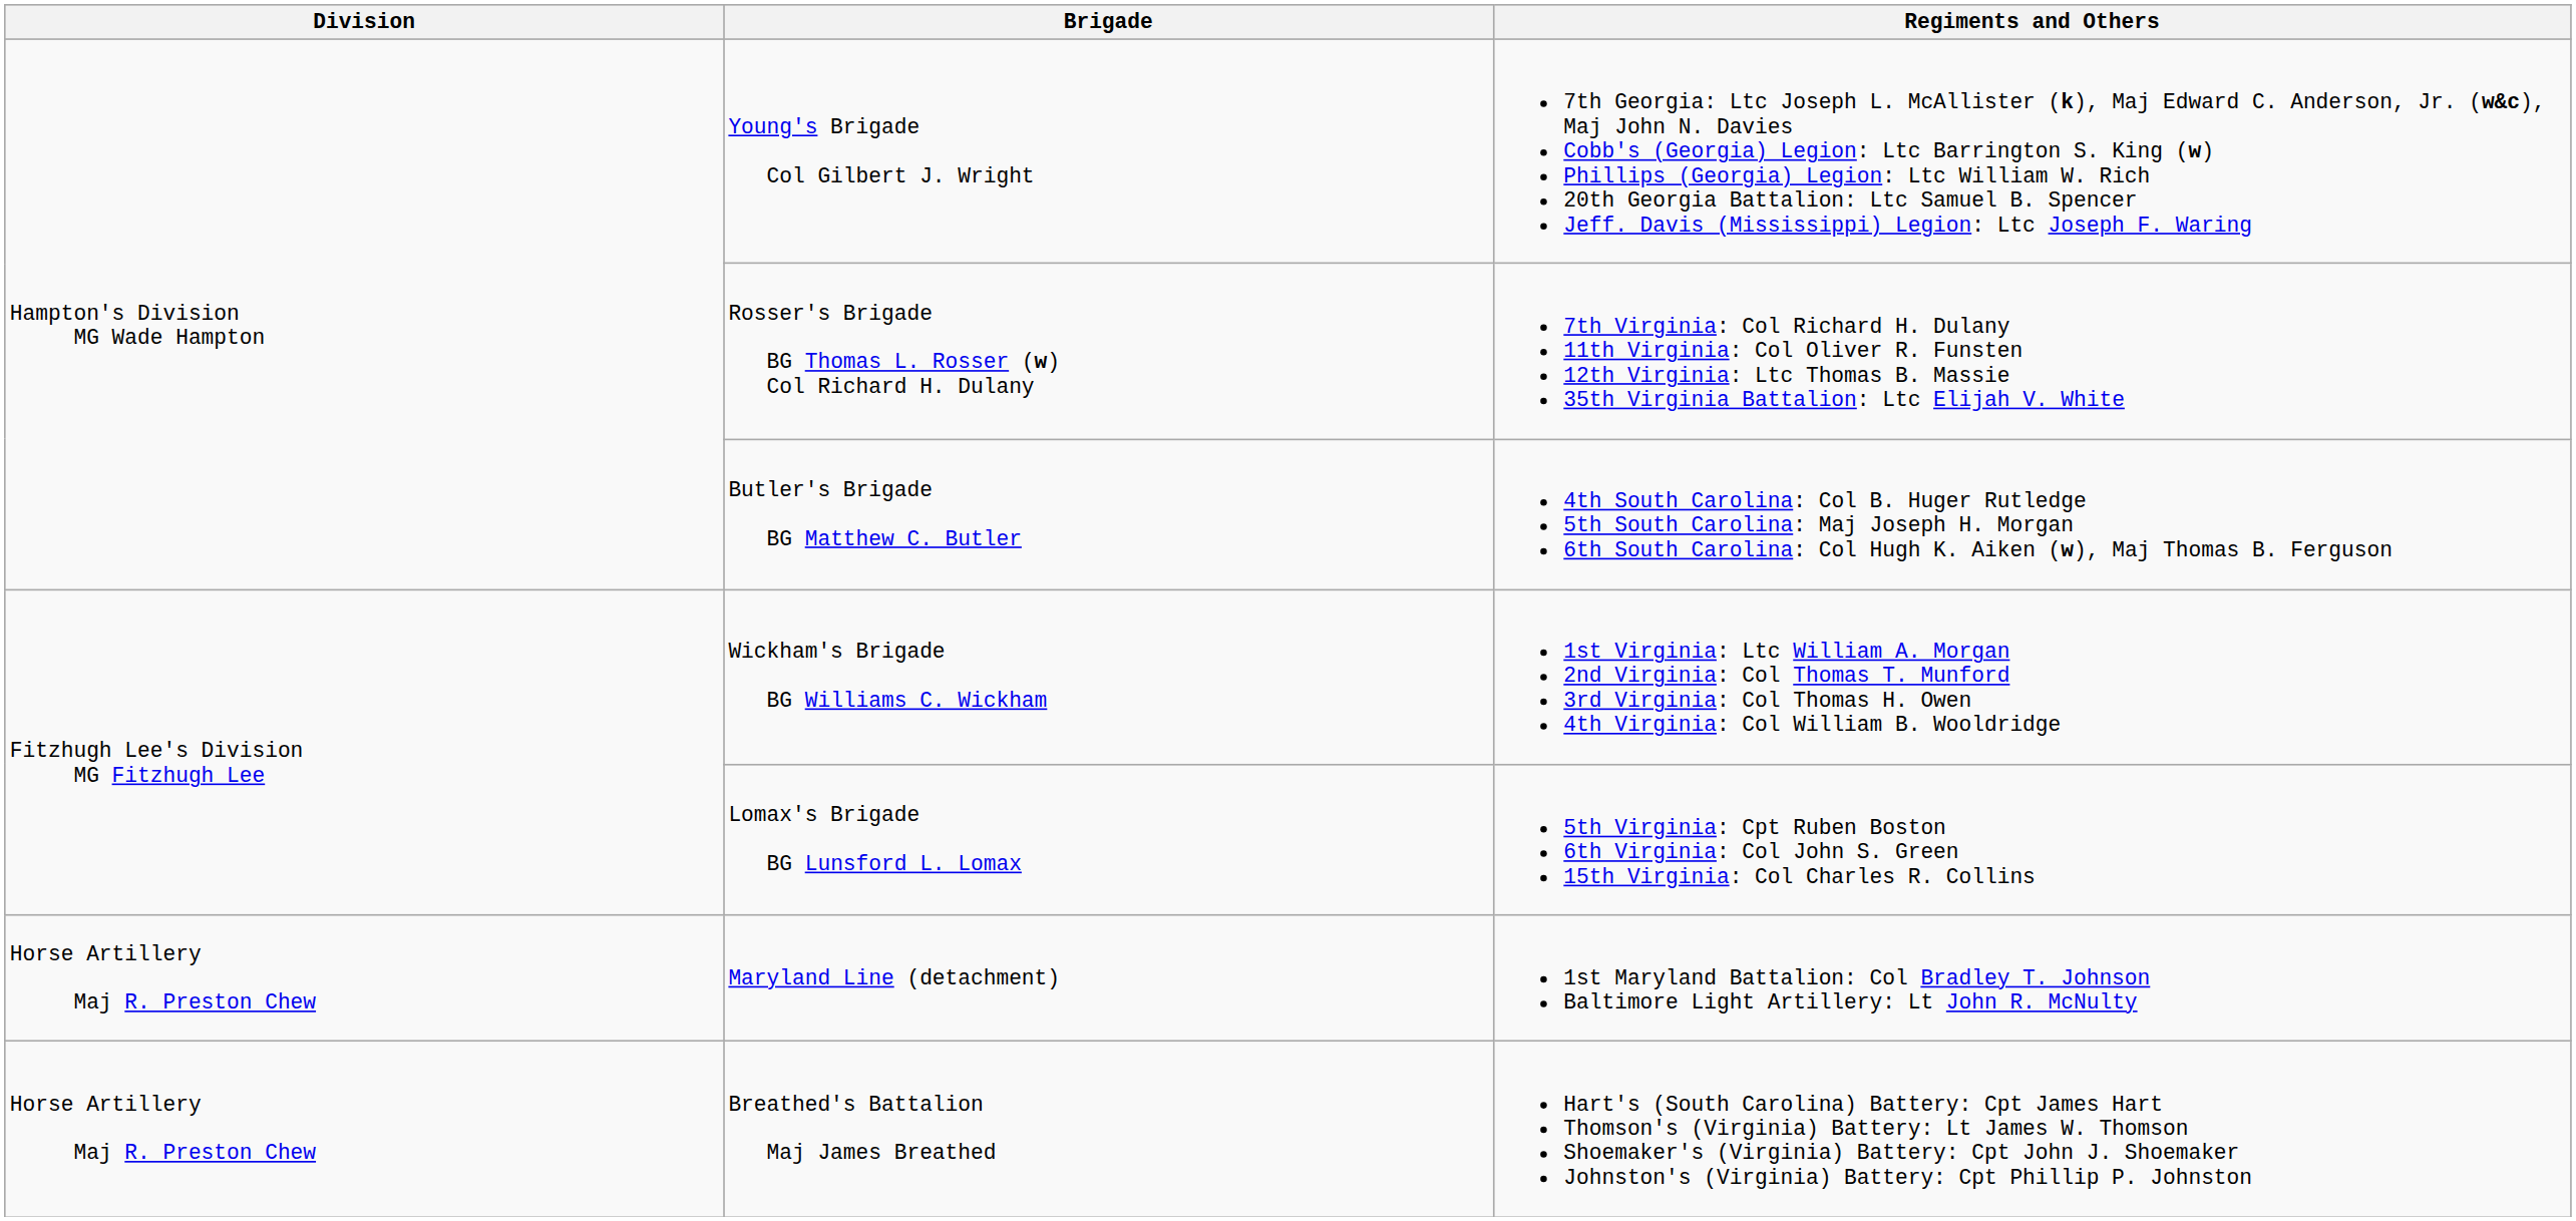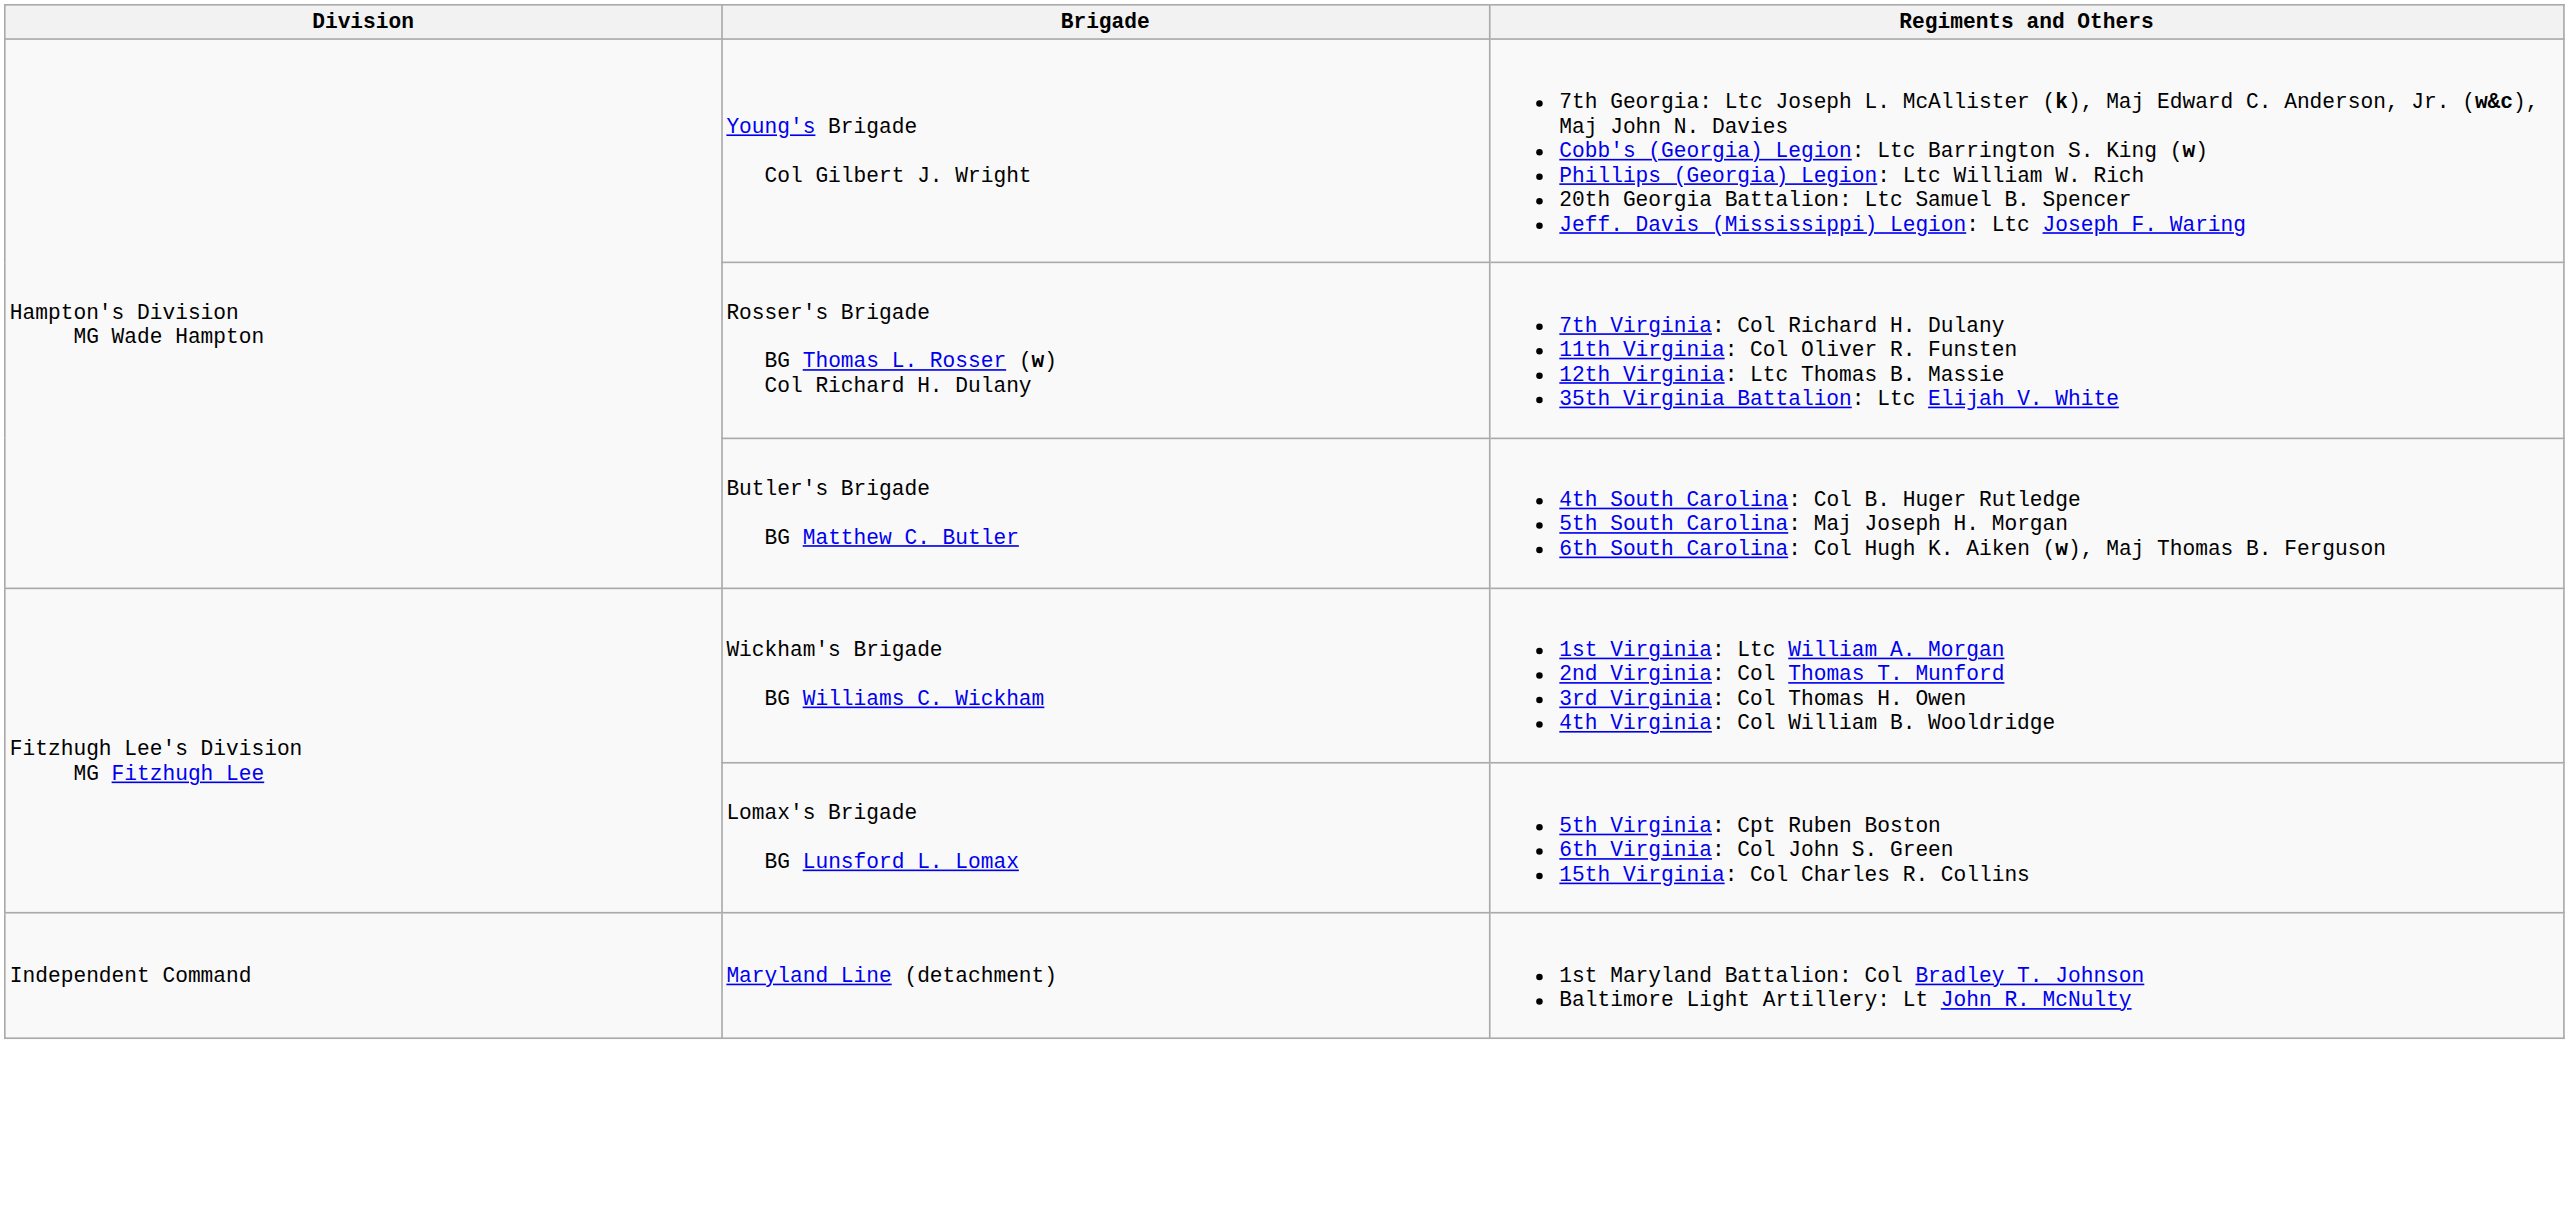 <table class="wikitable">
 <tr>
 <th width=28%>Division</th>
 <th width=30%>Brigade</th>
 <th>Regiments and Others</th>
 </tr>
 <tr>
 <td rowspan=3><br>Hampton's Division <br>     MG Wade Hampton</td>
 <td><a href='#'>Young's</a> Brigade<br><br>   Col Gilbert J. Wright</td>
 <td><br><ul><li>7th Georgia: Ltc Joseph L. McAllister (<strong>k</strong>), Maj Edward C. Anderson, Jr. (<strong>w&c</strong>), Maj John N. Davies</li><li><a href='#'>Cobb's (Georgia) Legion</a>: Ltc Barrington S. King (<strong>w</strong>)</li><li><a href='#'>Phillips (Georgia) Legion</a>: Ltc William W. Rich</li><li>20th Georgia Battalion: Ltc Samuel B. Spencer</li><li><a href='#'>Jeff. Davis (Mississippi) Legion</a>: Ltc <a href='#'>Joseph F. Waring</a></li></ul></td>
 </tr>
 <tr>
 <td>Rosser's Brigade<br><br>   BG <a href='#'>Thomas L. Rosser</a> (<strong>w</strong>) <br>   Col Richard H. Dulany</td>
 <td><br><ul><li><a href='#'>7th Virginia</a>: Col Richard H. Dulany</li><li><a href='#'>11th Virginia</a>: Col Oliver R. Funsten</li><li><a href='#'>12th Virginia</a>: Ltc Thomas B. Massie</li><li><a href='#'>35th Virginia Battalion</a>: Ltc <a href='#'>Elijah V. White</a></li></ul></td>
 </tr>
 <tr>
 <td>Butler's Brigade<br><br>   BG <a href='#'>Matthew C. Butler</a></td>
 <td><br><ul><li><a href='#'>4th South Carolina</a>: Col B. Huger Rutledge</li><li><a href='#'>5th South Carolina</a>: Maj Joseph H. Morgan</li><li><a href='#'>6th South Carolina</a>: Col Hugh K. Aiken (<strong>w</strong>), Maj Thomas B. Ferguson</li></ul></td>
 </tr>
 <tr>
 <td rowspan=2><br>Fitzhugh Lee's Division <br>     MG <a href='#'>Fitzhugh Lee</a></td>
 <td>Wickham's Brigade<br><br>   BG <a href='#'>Williams C. Wickham</a></td>
 <td><br><ul><li><a href='#'>1st Virginia</a>: Ltc <a href='#'>William A. Morgan</a></li><li><a href='#'>2nd Virginia</a>: Col <a href='#'>Thomas T. Munford</a></li><li><a href='#'>3rd Virginia</a>: Col Thomas H. Owen</li><li><a href='#'>4th Virginia</a>: Col William B. Wooldridge</li></ul></td>
 </tr>
 <tr>
 <td>Lomax's Brigade<br><br>   BG <a href='#'>Lunsford L. Lomax</a></td>
 <td><br><ul><li><a href='#'>5th Virginia</a>: Cpt Ruben Boston</li><li><a href='#'>6th Virginia</a>: Col John S. Green</li><li><a href='#'>15th Virginia</a>: Col Charles R. Collins</li></ul></td>
 </tr>
 <tr>
-<td>Horse Artillery<br><br>     Maj <a href='#'>R. Preston Chew</a></td>
+<td>Independent Command</td>
 <td><a href='#'>Maryland Line</a> (detachment)</td>
 <td><br><ul><li>1st Maryland Battalion: Col <a href='#'>Bradley T. Johnson</a></li><li>Baltimore Light Artillery: Lt <a href='#'>John R. McNulty</a></li></ul></td>
 </tr>
-<tr>
-<td>Horse Artillery<br><br>     Maj <a href='#'>R. Preston Chew</a></td>
-<td>Breathed's Battalion<br><br>   Maj James Breathed</td>
-<td><br><ul><li>Hart's (South Carolina) Battery: Cpt James Hart</li><li>Thomson's (Virginia) Battery: Lt James W. Thomson</li><li>Shoemaker's (Virginia) Battery: Cpt John J. Shoemaker</li><li>Johnston's (Virginia) Battery: Cpt Phillip P. Johnston</li></ul></td>
-</tr>
 </table>
